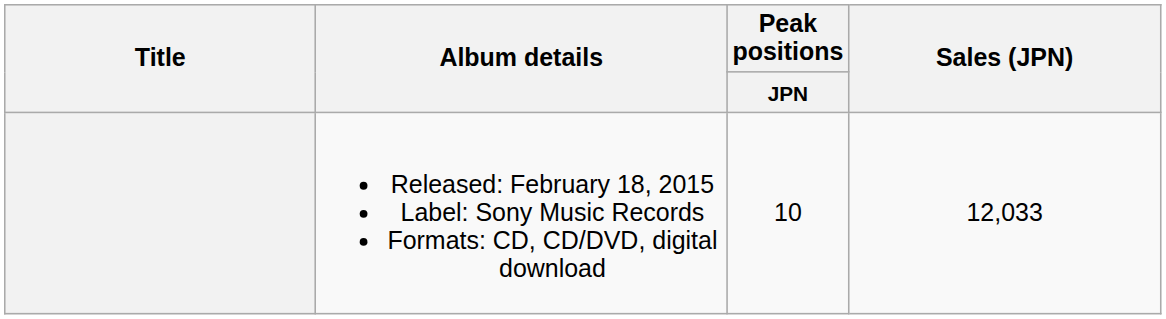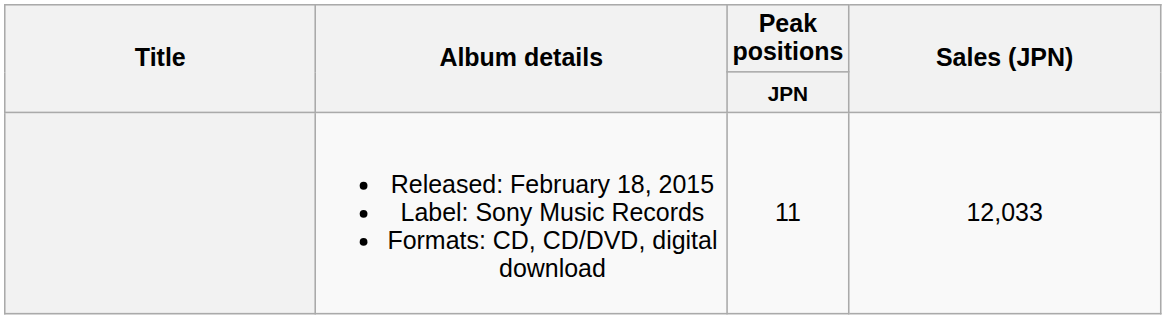 <table class="wikitable plainrowheaders" style="text-align:center;">
 <tr>
 <th style="width:12em;" rowspan="2">Title</th>
 <th style="width:16em;" rowspan="2">Album details</th>
 <th colspan="1">Peak positions</th>
 <th style="width:12em;" rowspan="2">Sales (JPN)</th>
 </tr>
 <tr>
 <th style="width:2.5em;"><small>JPN</small><br></th>
 </tr>
 <tr>
 <th scope="row"></th>
 <td><br><ul><li>Released: February 18, 2015 </li><li>Label: Sony Music Records</li><li>Formats: CD, CD/DVD, digital download</li></ul></td>
-<td>10</td>
+<td>11</td>
 <td>12,033</td>
 </tr>
 </table>
